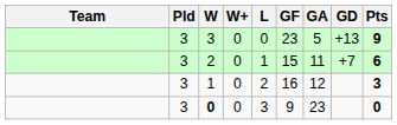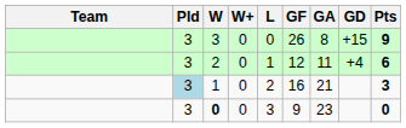 <table class="wikitable" style="text-align: center;">
 <tr>
 <th width="175">Team</th>
 <th width="20">Pld</th>
 <th width="20">W</th>
 <th width="20">W+</th>
 <th width="20">L</th>
 <th width="20">GF</th>
 <th width="20">GA</th>
 <th width="25">GD</th>
 <th width="20">Pts</th>
 </tr>
 <tr align=center style="background:#ccffcc;">
 <td style="text-align:left;"></td>
 <td>3</td>
 <td>3</td>
 <td>0</td>
 <td>0</td>
-<td>23</td>
-<td>5</td>
-<td>+13</td>
+<td>26</td>
+<td>8</td>
+<td>+15</td>
 <td><strong>9</strong></td>
 </tr>
 <tr align=center style="background:#ccffcc;">
 <td style="text-align:left;"></td>
 <td>3</td>
 <td>2</td>
 <td>0</td>
 <td>1</td>
-<td>15</td>
+<td>12</td>
 <td>11</td>
-<td>+7</td>
+<td>+4</td>
 <td><strong>6</strong></td>
 </tr>
 <tr>
 <td style="text-align:left;"></td>
-<td>3</td>
+<td style="background: lightblue;">3</td>
 <td>1</td>
 <td>0</td>
 <td>2</td>
 <td>16</td>
-<td>12</td>
+<td>21</td>
 <td></td>
 <td><strong>3</strong></td>
 </tr>
 <tr>
 <td style="text-align:left;"></td>
 <td>3</td>
 <td><strong>0</strong></td>
 <td>0</td>
 <td>3</td>
 <td>9</td>
 <td>23</td>
 <td></td>
 <td><strong>0</strong></td>
 </tr>
 </table>
